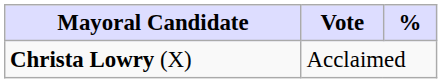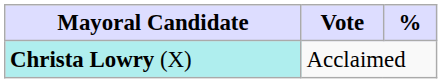 <table class="wikitable">
 <tr>
 <th style="background:#ddf; width:200px;">Mayoral Candidate</th>
 <th style="background:#ddf; width:50px;">Vote</th>
 <th style="background:#ddf; width:30px;">%</th>
 </tr>
 <tr>
-<td><strong>Christa Lowry</strong> (X)</td>
+<td style="background: paleturquoise;"><strong>Christa Lowry</strong> (X)</td>
 <td colspan="2">Acclaimed</td>
 </tr>
 </table>
